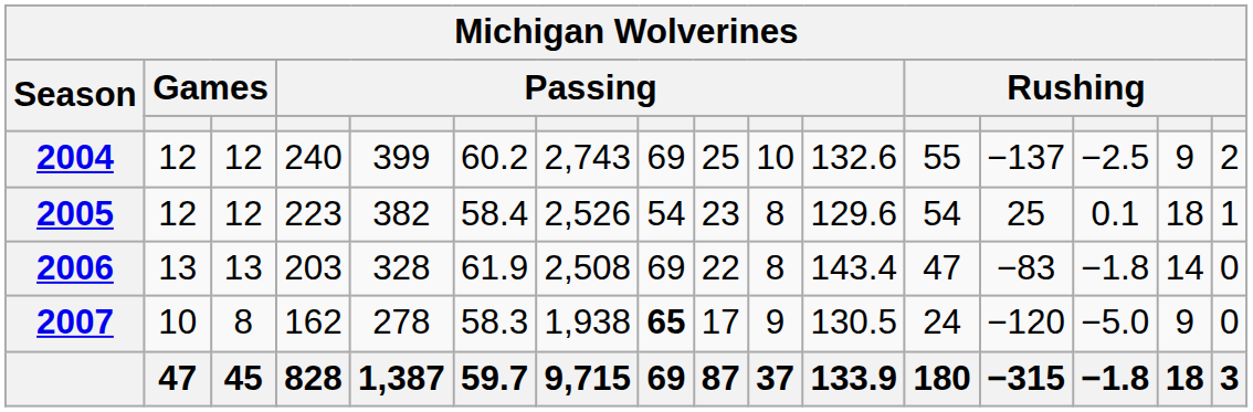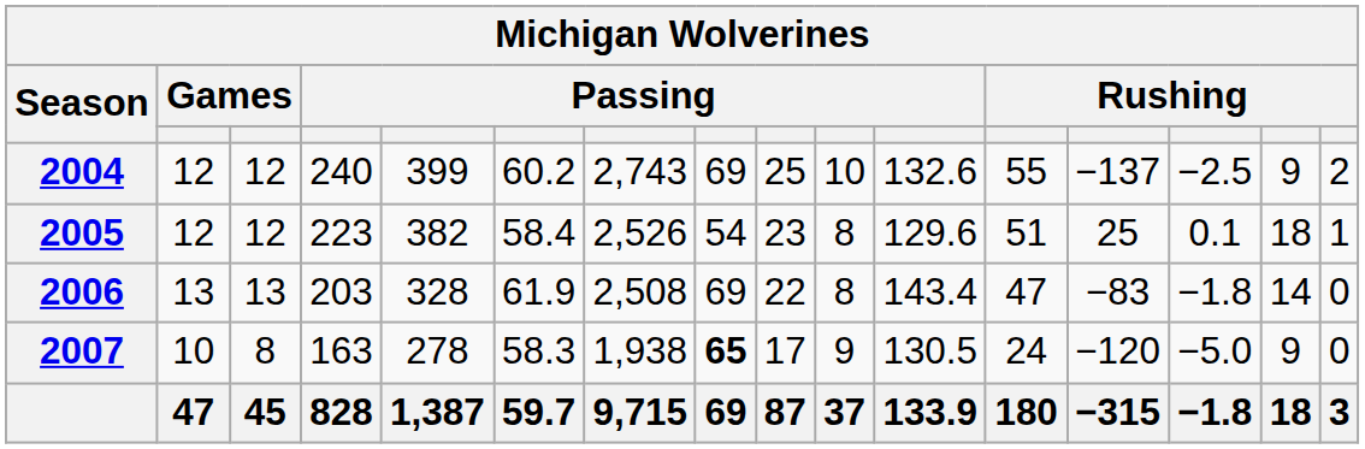 <table class="wikitable" style="text-align:center;">
 <tr>
 <th colspan="16">Michigan Wolverines</th>
 </tr>
 <tr>
 <th rowspan="2">Season</th>
 <th colspan="2">Games</th>
 <th colspan="8">Passing</th>
 <th colspan="5">Rushing</th>
 </tr>
 <tr>
 <th></th>
 <th></th>
 <th></th>
 <th></th>
 <th></th>
 <th></th>
 <th></th>
 <th></th>
 <th></th>
 <th></th>
 <th></th>
 <th></th>
 <th></th>
 <th></th>
 <th></th>
 </tr>
 <tr>
 <th><a href='#'>2004</a></th>
 <td>12</td>
 <td>12</td>
 <td>240</td>
 <td>399</td>
 <td>60.2</td>
 <td>2,743</td>
 <td>69</td>
 <td>25</td>
 <td>10</td>
 <td>132.6</td>
 <td>55</td>
 <td>−137</td>
 <td>−2.5</td>
 <td>9</td>
 <td>2</td>
 </tr>
 <tr>
 <th><a href='#'>2005</a></th>
 <td>12</td>
 <td>12</td>
 <td>223</td>
 <td>382</td>
 <td>58.4</td>
 <td>2,526</td>
 <td>54</td>
 <td>23</td>
 <td>8</td>
 <td>129.6</td>
-<td>54</td>
+<td>51</td>
 <td>25</td>
 <td>0.1</td>
 <td>18</td>
 <td>1</td>
 </tr>
 <tr>
 <th><a href='#'>2006</a></th>
 <td>13</td>
 <td>13</td>
 <td>203</td>
 <td>328</td>
 <td>61.9</td>
 <td>2,508</td>
 <td>69</td>
 <td>22</td>
 <td>8</td>
 <td>143.4</td>
 <td>47</td>
 <td>−83</td>
 <td>−1.8</td>
 <td>14</td>
 <td>0</td>
 </tr>
 <tr>
 <th><a href='#'>2007</a></th>
 <td>10</td>
 <td>8</td>
-<td>162</td>
+<td>163</td>
 <td>278</td>
 <td>58.3</td>
 <td>1,938</td>
 <td><strong>65</strong></td>
 <td>17</td>
 <td>9</td>
 <td>130.5</td>
 <td>24</td>
 <td>−120</td>
 <td>−5.0</td>
 <td>9</td>
 <td>0</td>
 </tr>
 <tr>
 <th></th>
 <th>47</th>
 <th>45</th>
 <th>828</th>
 <th>1,387</th>
 <th>59.7</th>
 <th>9,715</th>
 <th>69</th>
 <th>87</th>
 <th>37</th>
 <th>133.9</th>
 <th>180</th>
 <th>−315</th>
 <th>−1.8</th>
 <th>18</th>
 <th>3</th>
 </tr>
 </table>
